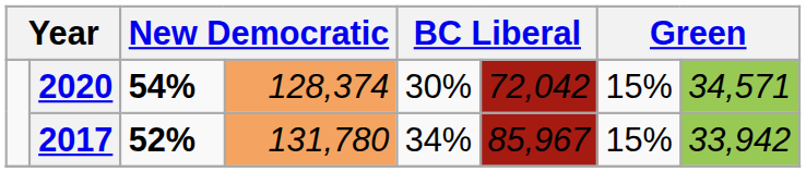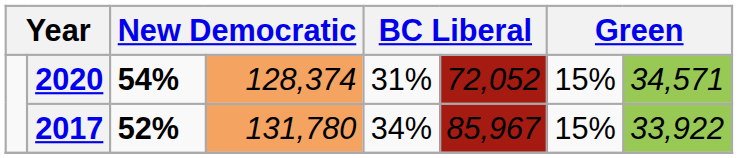 <table class="wikitable" style="float:right; width:400; font-size:90%; margin-left:1em;">
 <tr>
 <th colspan="2" scope="col">Year</th>
 <th colspan="2" scope="col"><a href='#'>New Democratic</a></th>
 <th colspan="2" scope="col"><a href='#'>BC Liberal</a></th>
 <th colspan="2" scope="col"><a href='#'>Green</a></th>
 </tr>
 <tr>
 <td rowspan="2" style="width: 0.25em; background-color: "></td>
 <th><a href='#'>2020</a></th>
 <td><strong>54%</strong></td>
 <td style="text-align:right; background:#F4A460;"><em>128,374</em></td>
-<td><span> 30%</span></td>
-<td style="text-align:right; background:#A51B12;"><span> <em>72,042</em></span></td>
+<td><span> 31%</span></td>
+<td style="text-align:right; background:#A51B12;"><span> <em>72,052</em></span></td>
 <td>15%</td>
 <td style="text-align:right; background:#99C955;"><em>34,571</em></td>
 </tr>
 <tr>
 <th><a href='#'>2017</a></th>
 <td><strong>52%</strong></td>
 <td style="text-align:right; background:#F4A460;"><em>131,780</em></td>
 <td><span> 34%</span></td>
 <td style="text-align:right; background:#A51B12;"><span> <em>85,967</em></span></td>
 <td>15%</td>
-<td style="text-align:right; background:#99C955;"><em>33,942</em></td>
+<td style="text-align:right; background:#99C955;"><em>33,922</em></td>
 </tr>
 <tr>
 </tr>
 </table>
